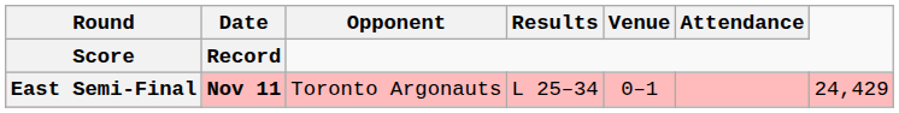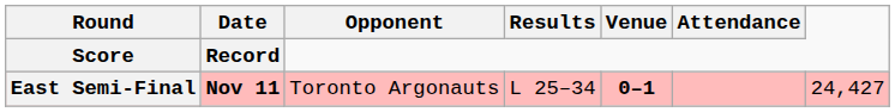 <table class="wikitable" style="text-align:center">
 <tr>
 <th>Round</th>
 <th>Date</th>
 <th>Opponent</th>
 <th>Results</th>
 <th>Venue</th>
 <th>Attendance</th>
 </tr>
 <tr>
 <th>Score</th>
 <th>Record</th>
 </tr>
 <tr style="background:#ffbbbb">
 <th>East Semi-Final</th>
 <td><strong>Nov 11</strong></td>
 <td>Toronto Argonauts</td>
 <td>L 25–34</td>
-<td>0–1</td>
+<td><strong>0–1</strong></td>
 <td></td>
-<td>24,429</td>
+<td>24,427</td>
 </tr>
 </table>
